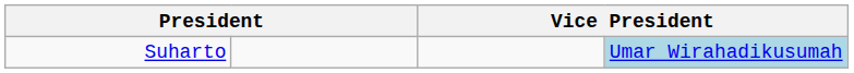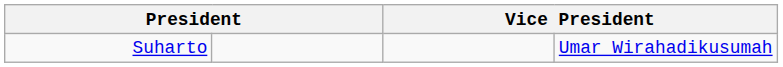 <table class="wikitable">
 <tr>
 <th colspan="2" width=270>President</th>
 <th colspan="2" width=270>Vice President</th>
 </tr>
 <tr>
 <td align="right"><a href='#'>Suharto</a></td>
 <td align="center" width=119></td>
 <td align="center" width=119></td>
-<td align="left" style="background: lightblue;"><a href='#'>Umar Wirahadikusumah</a></td>
+<td align="left"><a href='#'>Umar Wirahadikusumah</a></td>
 </tr>
 </table>
